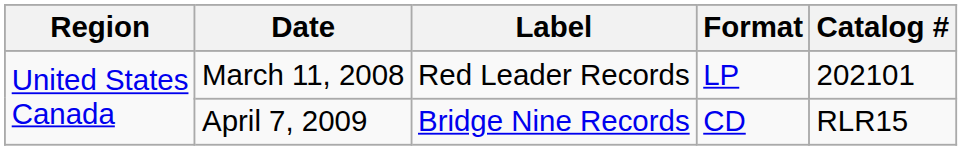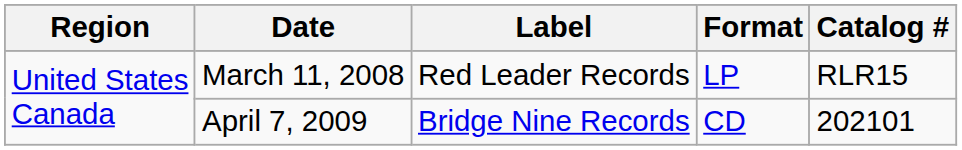 <table class="wikitable">
 <tr>
 <th>Region</th>
 <th>Date</th>
 <th>Label</th>
 <th>Format</th>
 <th>Catalog #</th>
 </tr>
 <tr>
 <td rowspan="2"> <a href='#'>United States</a><br> <a href='#'>Canada</a> </td>
 <td>March 11, 2008</td>
 <td>Red Leader Records</td>
 <td><a href='#'>LP</a></td>
-<td>202101</td>
+<td>RLR15</td>
 </tr>
 <tr>
 <td>April 7, 2009</td>
 <td><a href='#'>Bridge Nine Records</a></td>
 <td><a href='#'>CD</a></td>
-<td>RLR15</td>
+<td>202101</td>
 </tr>
 </table>
